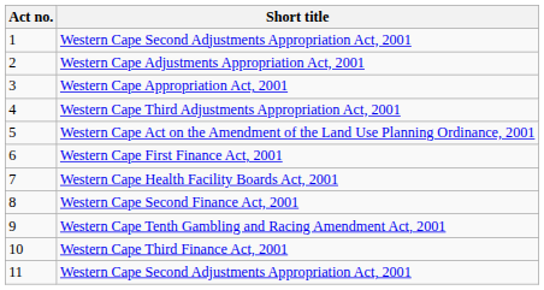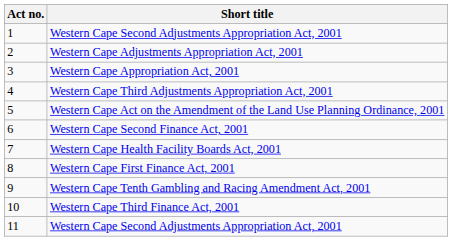 <table class="wikitable">
 <tr>
 <th>Act no.</th>
 <th>Short title</th>
 </tr>
 <tr>
 <td>1</td>
 <td><a href='#'>Western Cape Second Adjustments Appropriation Act, 2001</a></td>
 </tr>
 <tr>
 <td>2</td>
 <td><a href='#'>Western Cape Adjustments Appropriation Act, 2001</a></td>
 </tr>
 <tr>
 <td>3</td>
 <td><a href='#'>Western Cape Appropriation Act, 2001</a></td>
 </tr>
 <tr>
 <td>4</td>
 <td><a href='#'>Western Cape Third Adjustments Appropriation Act, 2001</a></td>
 </tr>
 <tr>
 <td>5</td>
 <td><a href='#'>Western Cape Act on the Amendment of the Land Use Planning Ordinance, 2001</a></td>
 </tr>
 <tr>
 <td>6</td>
-<td><a href='#'>Western Cape First Finance Act, 2001</a></td>
+<td><a href='#'>Western Cape Second Finance Act, 2001</a></td>
 </tr>
 <tr>
 <td>7</td>
 <td><a href='#'>Western Cape Health Facility Boards Act, 2001</a></td>
 </tr>
 <tr>
 <td>8</td>
-<td><a href='#'>Western Cape Second Finance Act, 2001</a></td>
+<td><a href='#'>Western Cape First Finance Act, 2001</a></td>
 </tr>
 <tr>
 <td>9</td>
 <td><a href='#'>Western Cape Tenth Gambling and Racing Amendment Act, 2001</a></td>
 </tr>
 <tr>
 <td>10</td>
 <td><a href='#'>Western Cape Third Finance Act, 2001</a></td>
 </tr>
 <tr>
 <td>11</td>
 <td><a href='#'>Western Cape Second Adjustments Appropriation Act, 2001</a></td>
 </tr>
 </table>
